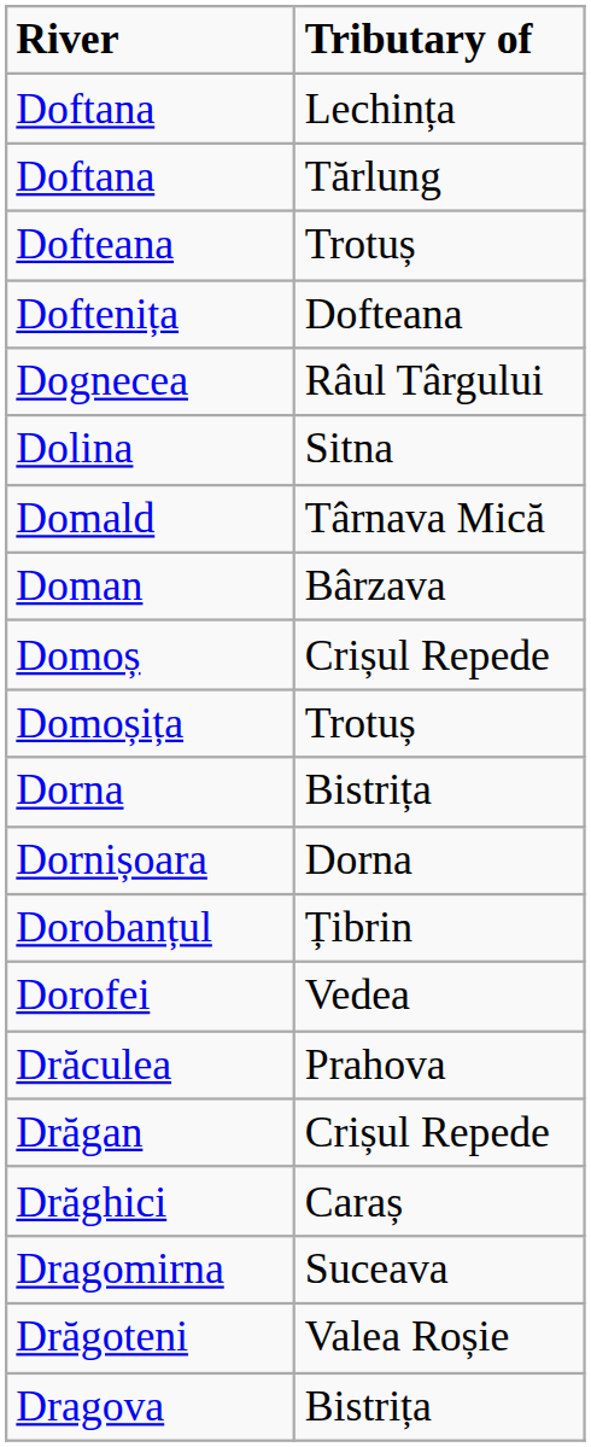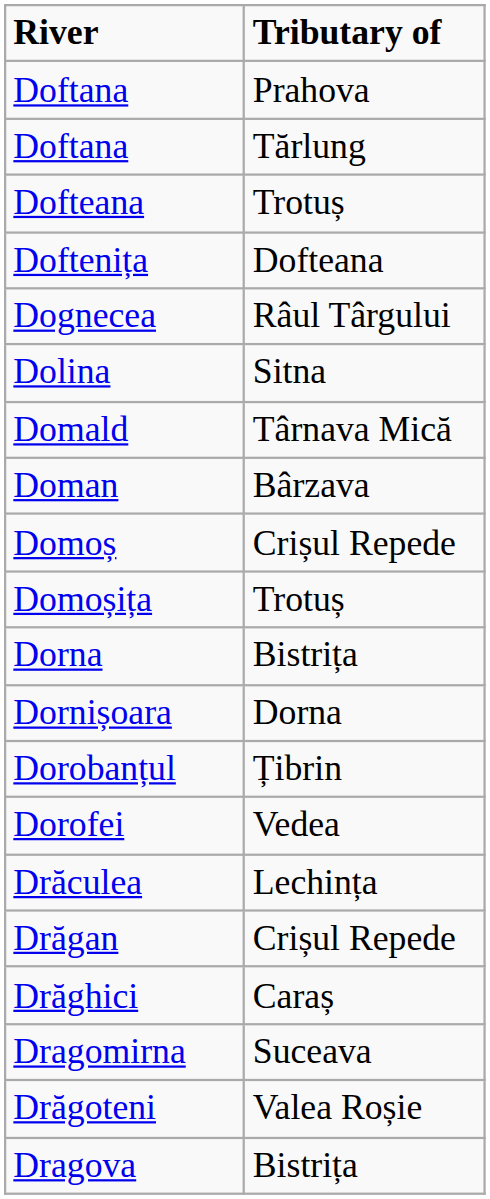 <table class="wikitable">
 <tr>
 <td width="100pt"><strong>River</strong></td>
 <td width="100pt"><strong>Tributary of</strong></td>
 </tr>
 <tr>
 <td><a href='#'>Doftana</a></td>
-<td>Lechința</td>
+<td>Prahova</td>
 </tr>
 <tr>
 <td><a href='#'>Doftana</a></td>
 <td>Tărlung</td>
 </tr>
 <tr>
 <td><a href='#'>Dofteana</a></td>
 <td>Trotuș</td>
 </tr>
 <tr>
 <td><a href='#'>Doftenița</a></td>
 <td>Dofteana</td>
 </tr>
 <tr>
 <td><a href='#'>Dognecea</a></td>
 <td>Râul Târgului</td>
 </tr>
 <tr>
 <td><a href='#'>Dolina</a></td>
 <td>Sitna</td>
 </tr>
 <tr>
 <td><a href='#'>Domald</a></td>
 <td>Târnava Mică</td>
 </tr>
 <tr>
 <td><a href='#'>Doman</a></td>
 <td>Bârzava</td>
 </tr>
 <tr>
 <td><a href='#'>Domoș</a></td>
 <td>Crișul Repede</td>
 </tr>
 <tr>
 <td><a href='#'>Domoșița</a></td>
 <td>Trotuș</td>
 </tr>
 <tr>
 <td><a href='#'>Dorna</a></td>
 <td>Bistrița</td>
 </tr>
 <tr>
 <td><a href='#'>Dornișoara</a></td>
 <td>Dorna</td>
 </tr>
 <tr>
 <td><a href='#'>Dorobanțul</a></td>
 <td>Țibrin</td>
 </tr>
 <tr>
 <td><a href='#'>Dorofei</a></td>
 <td>Vedea</td>
 </tr>
 <tr>
 <td><a href='#'>Drăculea</a></td>
-<td>Prahova</td>
+<td>Lechința</td>
 </tr>
 <tr>
 <td><a href='#'>Drăgan</a></td>
 <td>Crișul Repede</td>
 </tr>
 <tr>
 <td><a href='#'>Drăghici</a></td>
 <td>Caraș</td>
 </tr>
 <tr>
 <td><a href='#'>Dragomirna</a></td>
 <td>Suceava</td>
 </tr>
 <tr>
 <td><a href='#'>Drăgoteni</a></td>
 <td>Valea Roșie</td>
 </tr>
 <tr>
 <td><a href='#'>Dragova</a></td>
 <td>Bistrița</td>
 </tr>
 </table>
